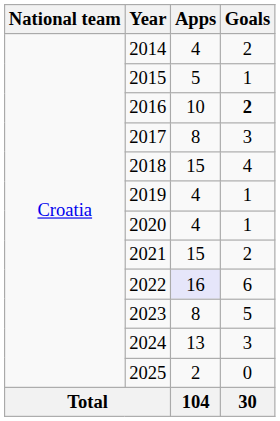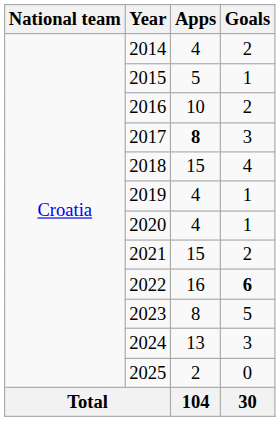 <table class="wikitable" style="text-align:center">
 <tr>
 <th>National team</th>
 <th>Year</th>
 <th>Apps</th>
 <th>Goals</th>
 </tr>
 <tr>
 <td rowspan="12"><a href='#'>Croatia</a></td>
 <td>2014</td>
 <td>4</td>
 <td>2</td>
 </tr>
 <tr>
 <td>2015</td>
 <td>5</td>
 <td>1</td>
 </tr>
 <tr>
 <td>2016</td>
 <td>10</td>
-<td><strong>2</strong></td>
+<td>2</td>
 </tr>
 <tr>
 <td>2017</td>
-<td>8</td>
+<td><strong>8</strong></td>
 <td>3</td>
 </tr>
 <tr>
 <td>2018</td>
 <td>15</td>
 <td>4</td>
 </tr>
 <tr>
 <td>2019</td>
 <td>4</td>
 <td>1</td>
 </tr>
 <tr>
 <td>2020</td>
 <td>4</td>
 <td>1</td>
 </tr>
 <tr>
 <td>2021</td>
 <td>15</td>
 <td>2</td>
 </tr>
 <tr>
 <td>2022</td>
-<td style="background: lavender;">16</td>
-<td>6</td>
+<td>16</td>
+<td><strong>6</strong></td>
 </tr>
 <tr>
 <td>2023</td>
 <td>8</td>
 <td>5</td>
 </tr>
 <tr>
 <td>2024</td>
 <td>13</td>
 <td>3</td>
 </tr>
 <tr>
 <td>2025</td>
 <td>2</td>
 <td>0</td>
 </tr>
 <tr>
 <th colspan="2">Total</th>
 <th>104</th>
 <th>30</th>
 </tr>
 </table>
